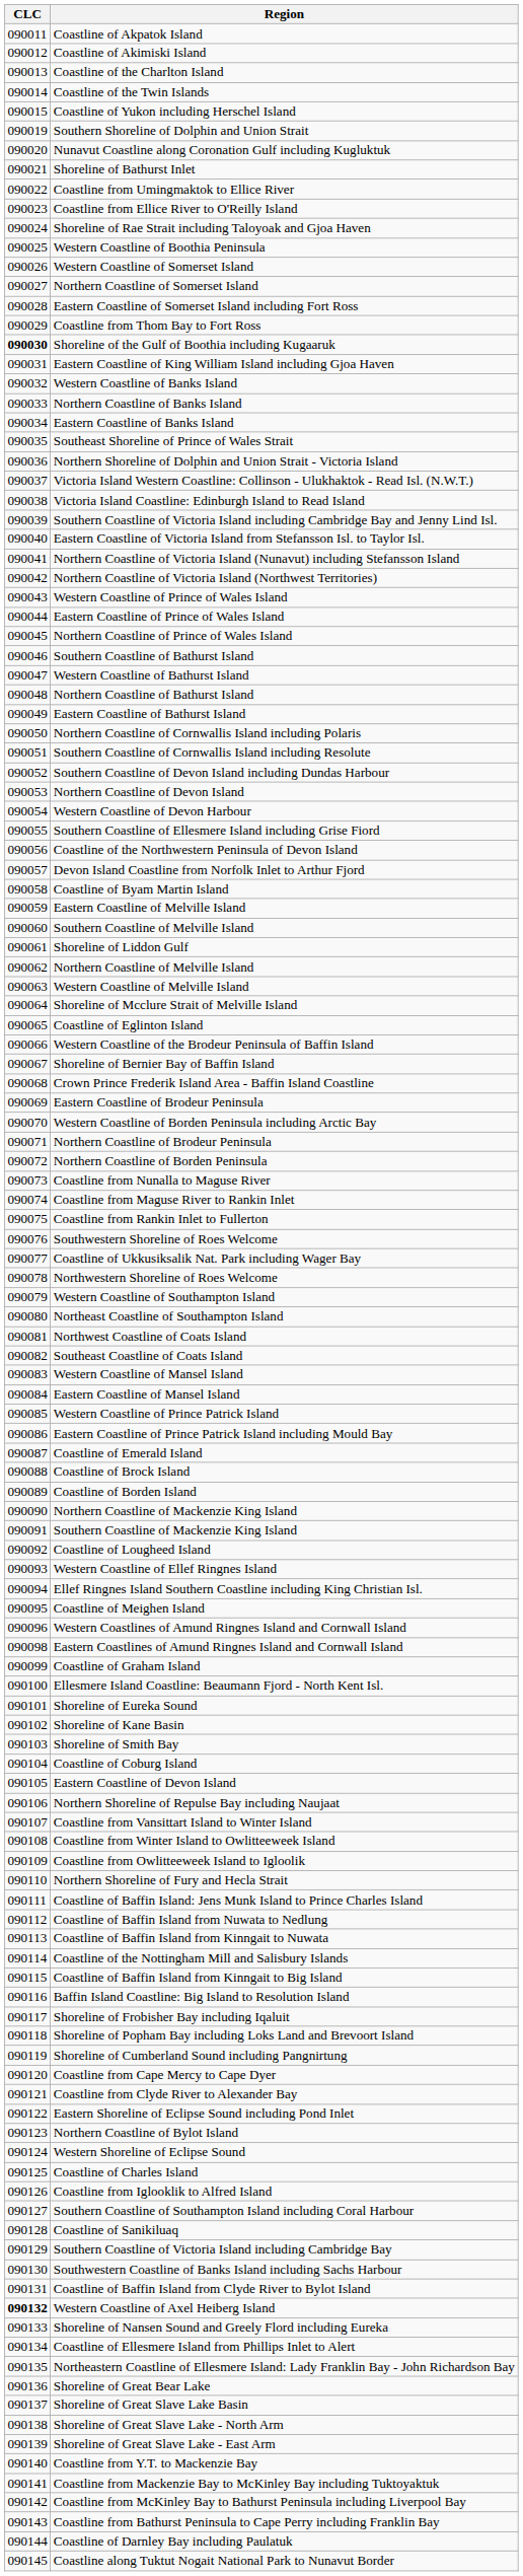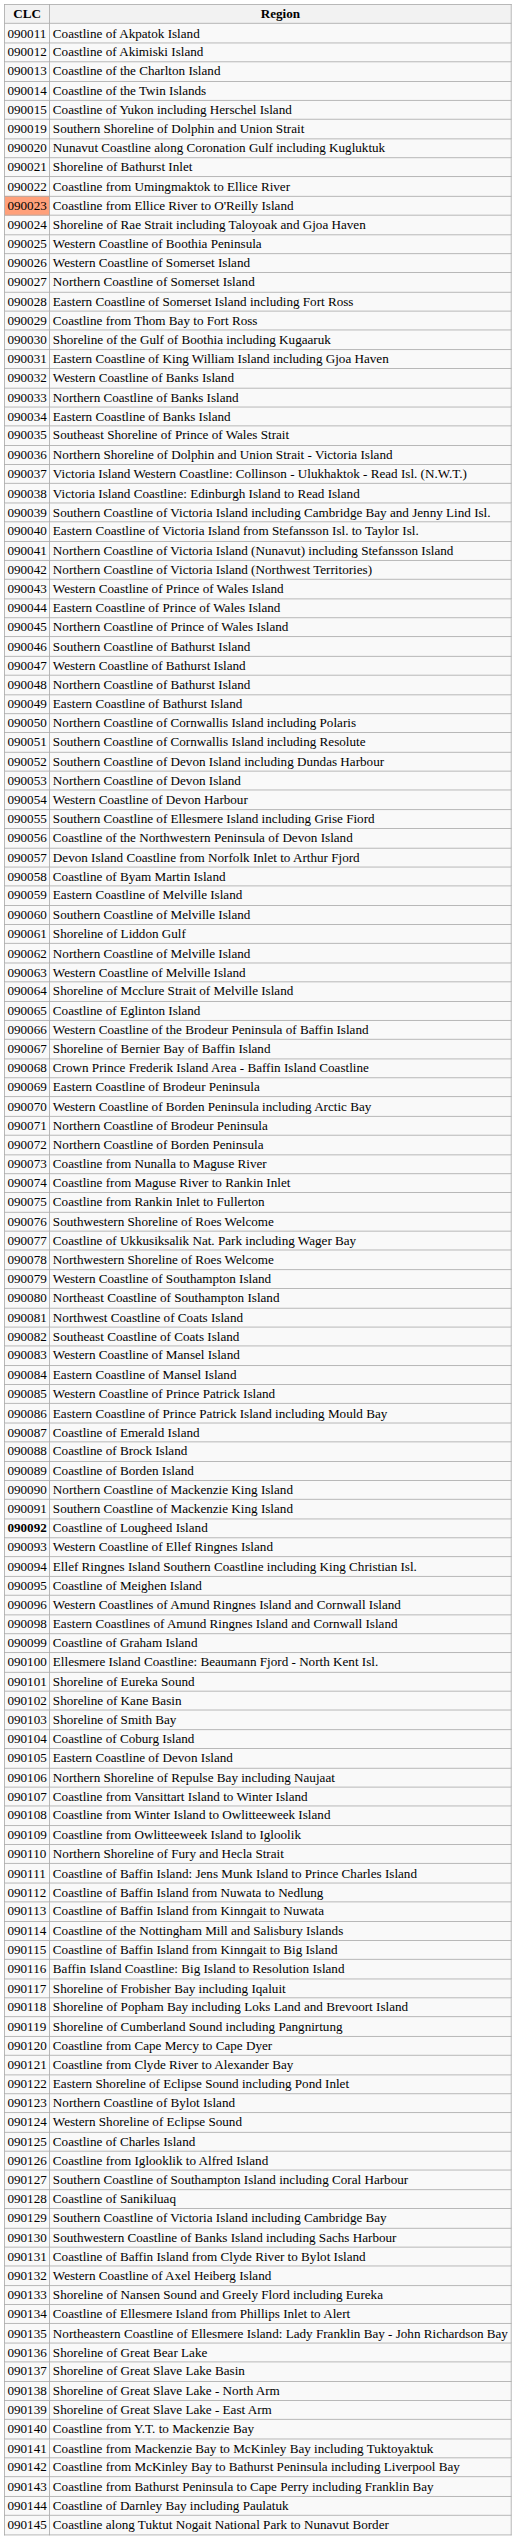 <table class="wikitable" style="line-height: 100%;">
 <tr>
 <th>CLC</th>
 <th>Region</th>
 </tr>
 <tr>
 <td>090011</td>
 <td>Coastline of Akpatok Island</td>
 </tr>
 <tr>
 <td>090012</td>
 <td>Coastline of Akimiski Island</td>
 </tr>
 <tr>
 <td>090013</td>
 <td>Coastline of the Charlton Island</td>
 </tr>
 <tr>
 <td>090014</td>
 <td>Coastline of the Twin Islands</td>
 </tr>
 <tr>
 <td>090015</td>
 <td>Coastline of Yukon including Herschel Island</td>
 </tr>
 <tr>
 <td>090019</td>
 <td>Southern Shoreline of Dolphin and Union Strait</td>
 </tr>
 <tr>
 <td>090020</td>
 <td>Nunavut Coastline along Coronation Gulf including Kugluktuk</td>
 </tr>
 <tr>
 <td>090021</td>
 <td>Shoreline of Bathurst Inlet</td>
 </tr>
 <tr>
 <td>090022</td>
 <td>Coastline from Umingmaktok to Ellice River</td>
 </tr>
 <tr>
-<td>090023</td>
+<td style="background: lightsalmon;">090023</td>
 <td>Coastline from Ellice River to O'Reilly Island</td>
 </tr>
 <tr>
 <td>090024</td>
 <td>Shoreline of Rae Strait including Taloyoak and Gjoa Haven</td>
 </tr>
 <tr>
 <td>090025</td>
 <td>Western Coastline of Boothia Peninsula</td>
 </tr>
 <tr>
 <td>090026</td>
 <td>Western Coastline of Somerset Island</td>
 </tr>
 <tr>
 <td>090027</td>
 <td>Northern Coastline of Somerset Island</td>
 </tr>
 <tr>
 <td>090028</td>
 <td>Eastern Coastline of Somerset Island including Fort Ross</td>
 </tr>
 <tr>
 <td>090029</td>
 <td>Coastline from Thom Bay to Fort Ross</td>
 </tr>
 <tr>
-<td><strong>090030</strong></td>
+<td>090030</td>
 <td>Shoreline of the Gulf of Boothia including Kugaaruk</td>
 </tr>
 <tr>
 <td>090031</td>
 <td>Eastern Coastline of King William Island including Gjoa Haven</td>
 </tr>
 <tr>
 <td>090032</td>
 <td>Western Coastline of Banks Island</td>
 </tr>
 <tr>
 <td>090033</td>
 <td>Northern Coastline of Banks Island</td>
 </tr>
 <tr>
 <td>090034</td>
 <td>Eastern Coastline of Banks Island</td>
 </tr>
 <tr>
 <td>090035</td>
 <td>Southeast Shoreline of Prince of Wales Strait</td>
 </tr>
 <tr>
 <td>090036</td>
 <td>Northern Shoreline of Dolphin and Union Strait - Victoria Island</td>
 </tr>
 <tr>
 <td>090037</td>
 <td>Victoria Island Western Coastline: Collinson - Ulukhaktok - Read Isl. (N.W.T.)</td>
 </tr>
 <tr>
 <td>090038</td>
 <td>Victoria Island Coastline: Edinburgh Island to Read Island</td>
 </tr>
 <tr>
 <td>090039</td>
 <td>Southern Coastline of Victoria Island including Cambridge Bay and Jenny Lind Isl.</td>
 </tr>
 <tr>
 <td>090040</td>
 <td>Eastern Coastline of Victoria Island from Stefansson Isl. to Taylor Isl.</td>
 </tr>
 <tr>
 <td>090041</td>
 <td>Northern Coastline of Victoria Island (Nunavut) including Stefansson Island</td>
 </tr>
 <tr>
 <td>090042</td>
 <td>Northern Coastline of Victoria Island (Northwest Territories)</td>
 </tr>
 <tr>
 <td>090043</td>
 <td>Western Coastline of Prince of Wales Island</td>
 </tr>
 <tr>
 <td>090044</td>
 <td>Eastern Coastline of Prince of Wales Island</td>
 </tr>
 <tr>
 <td>090045</td>
 <td>Northern Coastline of Prince of Wales Island</td>
 </tr>
 <tr>
 <td>090046</td>
 <td>Southern Coastline of Bathurst Island</td>
 </tr>
 <tr>
 <td>090047</td>
 <td>Western Coastline of Bathurst Island</td>
 </tr>
 <tr>
 <td>090048</td>
 <td>Northern Coastline of Bathurst Island</td>
 </tr>
 <tr>
 <td>090049</td>
 <td>Eastern Coastline of Bathurst Island</td>
 </tr>
 <tr>
 <td>090050</td>
 <td>Northern Coastline of Cornwallis Island including Polaris</td>
 </tr>
 <tr>
 <td>090051</td>
 <td>Southern Coastline of Cornwallis Island including Resolute</td>
 </tr>
 <tr>
 <td>090052</td>
 <td>Southern Coastline of Devon Island including Dundas Harbour</td>
 </tr>
 <tr>
 <td>090053</td>
 <td>Northern Coastline of Devon Island</td>
 </tr>
 <tr>
 <td>090054</td>
 <td>Western Coastline of Devon Harbour</td>
 </tr>
 <tr>
 <td>090055</td>
 <td>Southern Coastline of Ellesmere Island including Grise Fiord</td>
 </tr>
 <tr>
 <td>090056</td>
 <td>Coastline of the Northwestern Peninsula of Devon Island</td>
 </tr>
 <tr>
 <td>090057</td>
 <td>Devon Island Coastline from Norfolk Inlet to Arthur Fjord</td>
 </tr>
 <tr>
 <td>090058</td>
 <td>Coastline of Byam Martin Island</td>
 </tr>
 <tr>
 <td>090059</td>
 <td>Eastern Coastline of Melville Island</td>
 </tr>
 <tr>
 <td>090060</td>
 <td>Southern Coastline of Melville Island</td>
 </tr>
 <tr>
 <td>090061</td>
 <td>Shoreline of Liddon Gulf</td>
 </tr>
 <tr>
 <td>090062</td>
 <td>Northern Coastline of Melville Island</td>
 </tr>
 <tr>
 <td>090063</td>
 <td>Western Coastline of Melville Island</td>
 </tr>
 <tr>
 <td>090064</td>
 <td>Shoreline of Mcclure Strait of Melville Island</td>
 </tr>
 <tr>
 <td>090065</td>
 <td>Coastline of Eglinton Island</td>
 </tr>
 <tr>
 <td>090066</td>
 <td>Western Coastline of the Brodeur Peninsula of Baffin Island</td>
 </tr>
 <tr>
 <td>090067</td>
 <td>Shoreline of Bernier Bay of Baffin Island</td>
 </tr>
 <tr>
 <td>090068</td>
 <td>Crown Prince Frederik Island Area - Baffin Island Coastline</td>
 </tr>
 <tr>
 <td>090069</td>
 <td>Eastern Coastline of Brodeur Peninsula</td>
 </tr>
 <tr>
 <td>090070</td>
 <td>Western Coastline of Borden Peninsula including Arctic Bay</td>
 </tr>
 <tr>
 <td>090071</td>
 <td>Northern Coastline of Brodeur Peninsula</td>
 </tr>
 <tr>
 <td>090072</td>
 <td>Northern Coastline of Borden Peninsula</td>
 </tr>
 <tr>
 <td>090073</td>
 <td>Coastline from Nunalla to Maguse River</td>
 </tr>
 <tr>
 <td>090074</td>
 <td>Coastline from Maguse River to Rankin Inlet</td>
 </tr>
 <tr>
 <td>090075</td>
 <td>Coastline from Rankin Inlet to Fullerton</td>
 </tr>
 <tr>
 <td>090076</td>
 <td>Southwestern Shoreline of Roes Welcome</td>
 </tr>
 <tr>
 <td>090077</td>
 <td>Coastline of Ukkusiksalik Nat. Park including Wager Bay</td>
 </tr>
 <tr>
 <td>090078</td>
 <td>Northwestern Shoreline of Roes Welcome</td>
 </tr>
 <tr>
 <td>090079</td>
 <td>Western Coastline of Southampton Island</td>
 </tr>
 <tr>
 <td>090080</td>
 <td>Northeast Coastline of Southampton Island</td>
 </tr>
 <tr>
 <td>090081</td>
 <td>Northwest Coastline of Coats Island</td>
 </tr>
 <tr>
 <td>090082</td>
 <td>Southeast Coastline of Coats Island</td>
 </tr>
 <tr>
 <td>090083</td>
 <td>Western Coastline of Mansel Island</td>
 </tr>
 <tr>
 <td>090084</td>
 <td>Eastern Coastline of Mansel Island</td>
 </tr>
 <tr>
 <td>090085</td>
 <td>Western Coastline of Prince Patrick Island</td>
 </tr>
 <tr>
 <td>090086</td>
 <td>Eastern Coastline of Prince Patrick Island including Mould Bay</td>
 </tr>
 <tr>
 <td>090087</td>
 <td>Coastline of Emerald Island</td>
 </tr>
 <tr>
 <td>090088</td>
 <td>Coastline of Brock Island</td>
 </tr>
 <tr>
 <td>090089</td>
 <td>Coastline of Borden Island</td>
 </tr>
 <tr>
 <td>090090</td>
 <td>Northern Coastline of Mackenzie King Island</td>
 </tr>
 <tr>
 <td>090091</td>
 <td>Southern Coastline of Mackenzie King Island</td>
 </tr>
 <tr>
-<td>090092</td>
+<td><strong>090092</strong></td>
 <td>Coastline of Lougheed Island</td>
 </tr>
 <tr>
 <td>090093</td>
 <td>Western Coastline of Ellef Ringnes Island</td>
 </tr>
 <tr>
 <td>090094</td>
 <td>Ellef Ringnes Island Southern Coastline including King Christian Isl.</td>
 </tr>
 <tr>
 <td>090095</td>
 <td>Coastline of Meighen Island</td>
 </tr>
 <tr>
 <td>090096</td>
 <td>Western Coastlines of Amund Ringnes Island and Cornwall Island</td>
 </tr>
 <tr>
 <td>090098</td>
 <td>Eastern Coastlines of Amund Ringnes Island and Cornwall Island</td>
 </tr>
 <tr>
 <td>090099</td>
 <td>Coastline of Graham Island</td>
 </tr>
 <tr>
 <td>090100</td>
 <td>Ellesmere Island Coastline: Beaumann Fjord - North Kent Isl.</td>
 </tr>
 <tr>
 <td>090101</td>
 <td>Shoreline of Eureka Sound</td>
 </tr>
 <tr>
 <td>090102</td>
 <td>Shoreline of Kane Basin</td>
 </tr>
 <tr>
 <td>090103</td>
 <td>Shoreline of Smith Bay</td>
 </tr>
 <tr>
 <td>090104</td>
 <td>Coastline of Coburg Island</td>
 </tr>
 <tr>
 <td>090105</td>
 <td>Eastern Coastline of Devon Island</td>
 </tr>
 <tr>
 <td>090106</td>
 <td>Northern Shoreline of Repulse Bay including Naujaat</td>
 </tr>
 <tr>
 <td>090107</td>
 <td>Coastline from Vansittart Island to Winter Island</td>
 </tr>
 <tr>
 <td>090108</td>
 <td>Coastline from Winter Island to Owlitteeweek Island</td>
 </tr>
 <tr>
 <td>090109</td>
 <td>Coastline from Owlitteeweek Island to Igloolik</td>
 </tr>
 <tr>
 <td>090110</td>
 <td>Northern Shoreline of Fury and Hecla Strait</td>
 </tr>
 <tr>
 <td>090111</td>
 <td>Coastline of Baffin Island: Jens Munk Island to Prince Charles Island</td>
 </tr>
 <tr>
 <td>090112</td>
 <td>Coastline of Baffin Island from Nuwata to Nedlung</td>
 </tr>
 <tr>
 <td>090113</td>
 <td>Coastline of Baffin Island from Kinngait to Nuwata</td>
 </tr>
 <tr>
 <td>090114</td>
 <td>Coastline of the Nottingham Mill and Salisbury Islands</td>
 </tr>
 <tr>
 <td>090115</td>
 <td>Coastline of Baffin Island from Kinngait to Big Island</td>
 </tr>
 <tr>
 <td>090116</td>
 <td>Baffin Island Coastline: Big Island to Resolution Island</td>
 </tr>
 <tr>
 <td>090117</td>
 <td>Shoreline of Frobisher Bay including Iqaluit</td>
 </tr>
 <tr>
 <td>090118</td>
 <td>Shoreline of Popham Bay including Loks Land and Brevoort Island</td>
 </tr>
 <tr>
 <td>090119</td>
 <td>Shoreline of Cumberland Sound including Pangnirtung</td>
 </tr>
 <tr>
 <td>090120</td>
 <td>Coastline from Cape Mercy to Cape Dyer</td>
 </tr>
 <tr>
 <td>090121</td>
 <td>Coastline from Clyde River to Alexander Bay</td>
 </tr>
 <tr>
 <td>090122</td>
 <td>Eastern Shoreline of Eclipse Sound including Pond Inlet</td>
 </tr>
 <tr>
 <td>090123</td>
 <td>Northern Coastline of Bylot Island</td>
 </tr>
 <tr>
 <td>090124</td>
 <td>Western Shoreline of Eclipse Sound</td>
 </tr>
 <tr>
 <td>090125</td>
 <td>Coastline of Charles Island</td>
 </tr>
 <tr>
 <td>090126</td>
 <td>Coastline from Iglooklik to Alfred Island</td>
 </tr>
 <tr>
 <td>090127</td>
 <td>Southern Coastline of Southampton Island including Coral Harbour</td>
 </tr>
 <tr>
 <td>090128</td>
 <td>Coastline of Sanikiluaq</td>
 </tr>
 <tr>
 <td>090129</td>
 <td>Southern Coastline of Victoria Island including Cambridge Bay</td>
 </tr>
 <tr>
 <td>090130</td>
 <td>Southwestern Coastline of Banks Island including Sachs Harbour</td>
 </tr>
 <tr>
 <td>090131</td>
 <td>Coastline of Baffin Island from Clyde River to Bylot Island</td>
 </tr>
 <tr>
-<td><strong>090132</strong></td>
+<td>090132</td>
 <td>Western Coastline of Axel Heiberg Island</td>
 </tr>
 <tr>
 <td>090133</td>
 <td>Shoreline of Nansen Sound and Greely Flord including Eureka</td>
 </tr>
 <tr>
 <td>090134</td>
 <td>Coastline of Ellesmere Island from Phillips Inlet to Alert</td>
 </tr>
 <tr>
 <td>090135</td>
 <td>Northeastern Coastline of Ellesmere Island: Lady Franklin Bay - John Richardson Bay</td>
 </tr>
 <tr>
 <td>090136</td>
 <td>Shoreline of Great Bear Lake</td>
 </tr>
 <tr>
 <td>090137</td>
 <td>Shoreline of Great Slave Lake Basin</td>
 </tr>
 <tr>
 <td>090138</td>
 <td>Shoreline of Great Slave Lake - North Arm</td>
 </tr>
 <tr>
 <td>090139</td>
 <td>Shoreline of Great Slave Lake - East Arm</td>
 </tr>
 <tr>
 <td>090140</td>
 <td>Coastline from Y.T. to Mackenzie Bay</td>
 </tr>
 <tr>
 <td>090141</td>
 <td>Coastline from Mackenzie Bay to McKinley Bay including Tuktoyaktuk</td>
 </tr>
 <tr>
 <td>090142</td>
 <td>Coastline from McKinley Bay to Bathurst Peninsula including Liverpool Bay</td>
 </tr>
 <tr>
 <td>090143</td>
 <td>Coastline from Bathurst Peninsula to Cape Perry including Franklin Bay</td>
 </tr>
 <tr>
 <td>090144</td>
 <td>Coastline of Darnley Bay including Paulatuk</td>
 </tr>
 <tr>
 <td>090145</td>
 <td>Coastline along Tuktut Nogait National Park to Nunavut Border</td>
 </tr>
 </table>
